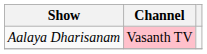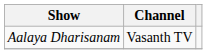 <table class="wikitable">
 <tr>
 <th>Show</th>
 <th>Channel</th>
 <th class="unsortable"></th>
 </tr>
 <tr>
 <td><em>Aalaya Dharisanam</em></td>
-<td style="background: pink;">Vasanth TV</td>
+<td>Vasanth TV</td>
 <td></td>
 </tr>
 <tr>
 </tr>
 </table>
